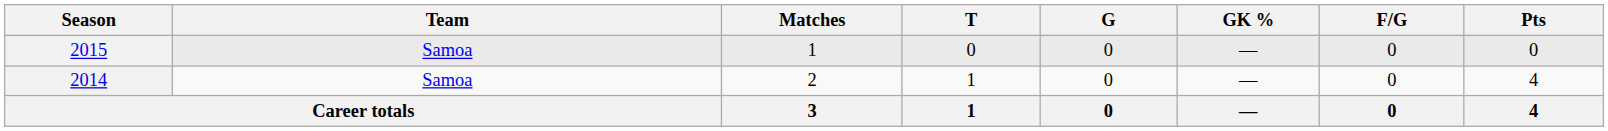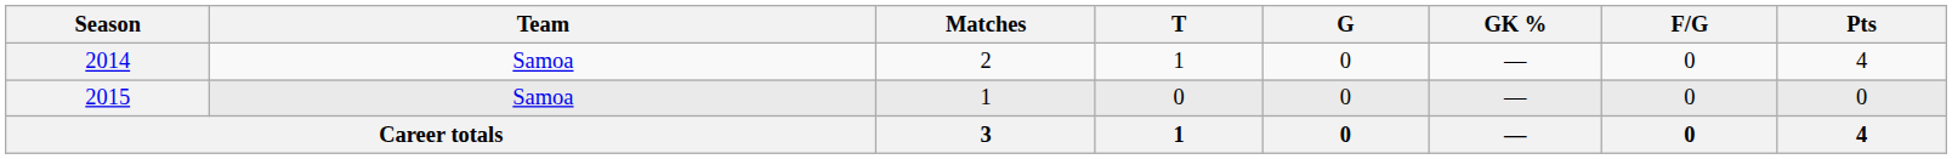 <table class="wikitable sortable" style="text-align: center; font-size:90%">
 <tr>
 <th width=2%>Season</th>
 <th width=8%>Team</th>
 <th width=2%>Matches</th>
 <th width=2%>T</th>
 <th width=2%>G</th>
 <th width=2%>GK %</th>
 <th width=2%>F/G</th>
 <th width=2%>Pts</th>
 </tr>
+<tr>
+<th scope="row" style="text-align:center; font-weight:normal"><a href='#'>2014</a></th>
+<td style="text-align:center;"><a href='#'>Samoa</a></td>
+<td>2</td>
+<td>1</td>
+<td>0</td>
+<td>—</td>
+<td>0</td>
+<td>4</td>
+</tr>
 <tr style="background:#eaeaea;">
 <th scope="row" style="text-align:center; font-weight:normal"><a href='#'>2015</a></th>
 <td style="text-align:center;"><a href='#'>Samoa</a></td>
 <td>1</td>
 <td>0</td>
 <td>0</td>
 <td>—</td>
 <td>0</td>
 <td>0</td>
-</tr>
-<tr>
-<th scope="row" style="text-align:center; font-weight:normal"><a href='#'>2014</a></th>
-<td style="text-align:center;"><a href='#'>Samoa</a></td>
-<td>2</td>
-<td>1</td>
-<td>0</td>
-<td>—</td>
-<td>0</td>
-<td>4</td>
 </tr>
 <tr class="sortbottom">
 <th colspan=2>Career totals</th>
 <th>3</th>
 <th>1</th>
 <th>0</th>
 <th>—</th>
 <th>0</th>
 <th>4</th>
 </tr>
 </table>
